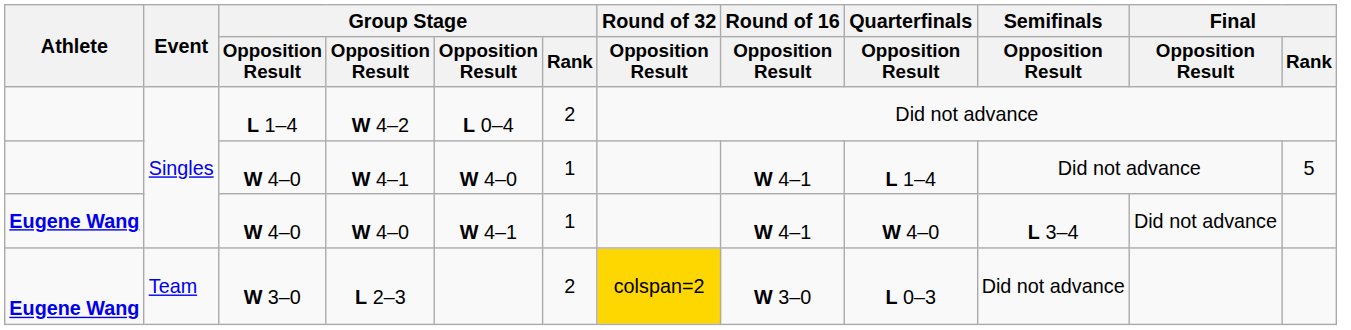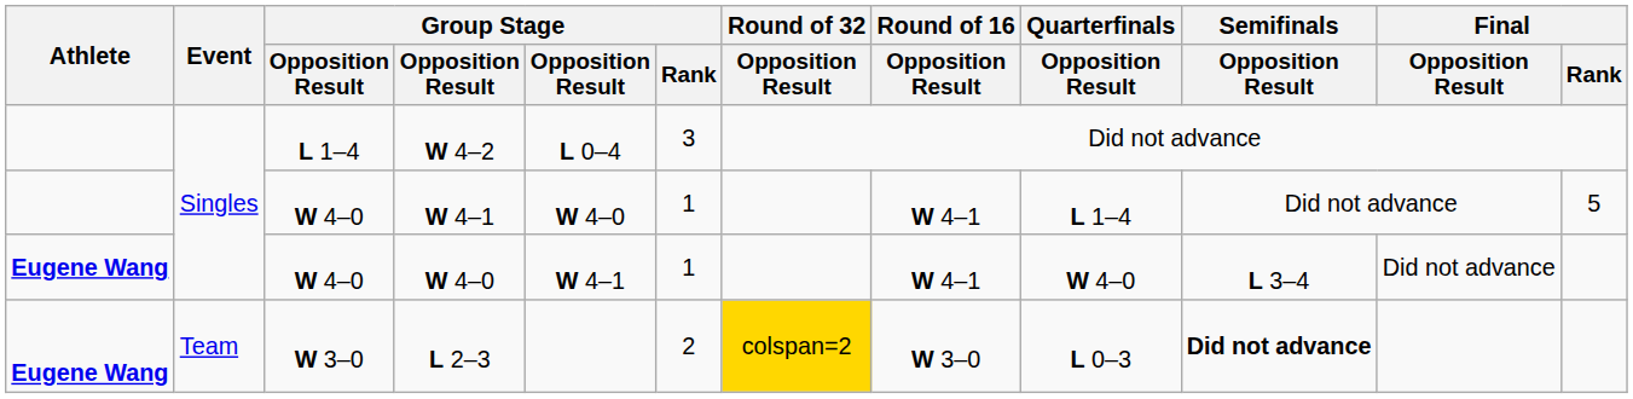 <table class="wikitable" style="font-size:89%">
 <tr>
 <th rowspan=2>Athlete</th>
 <th rowspan=2>Event</th>
 <th colspan=4>Group Stage</th>
 <th>Round of 32</th>
 <th>Round of 16</th>
 <th>Quarterfinals</th>
 <th>Semifinals</th>
 <th colspan=2>Final</th>
 </tr>
 <tr style="font-size:95%">
 <th>Opposition<br>Result</th>
 <th>Opposition<br>Result</th>
 <th>Opposition<br>Result</th>
 <th>Rank</th>
 <th>Opposition<br>Result</th>
 <th>Opposition<br>Result</th>
 <th>Opposition<br>Result</th>
 <th>Opposition<br>Result</th>
 <th>Opposition<br>Result</th>
 <th>Rank</th>
 </tr>
 <tr align=center>
 <td align=left></td>
 <td align=left rowspan=3><a href='#'>Singles</a></td>
 <td><br><strong>L</strong> 1–4</td>
 <td><br><strong>W</strong> 4–2</td>
 <td><br><strong>L</strong> 0–4</td>
-<td>2</td>
+<td>3</td>
 <td colspan=6>Did not advance</td>
 </tr>
 <tr align=center>
 <td align=left></td>
 <td><br><strong>W</strong> 4–0</td>
 <td><br><strong>W</strong> 4–1</td>
 <td><br><strong>W</strong> 4–0</td>
 <td>1</td>
 <td></td>
 <td><br><strong>W</strong> 4–1</td>
 <td><br><strong>L</strong> 1–4</td>
 <td colspan=2>Did not advance</td>
 <td>5</td>
 </tr>
 <tr align=center>
 <td align=left><strong><a href='#'>Eugene Wang</a></strong></td>
 <td><br><strong>W</strong> 4–0</td>
 <td><br><strong>W</strong> 4–0</td>
 <td><br><strong>W</strong> 4–1</td>
 <td>1</td>
 <td></td>
 <td><br><strong>W</strong> 4–1</td>
 <td><br><strong>W</strong> 4–0</td>
 <td><br><strong>L</strong> 3–4</td>
 <td>Did not advance</td>
 <td></td>
 </tr>
 <tr align=center>
 <td align=left><strong><br><br><a href='#'>Eugene Wang</a></strong></td>
 <td align=left><a href='#'>Team</a></td>
 <td><br><strong>W</strong> 3–0</td>
 <td><br><strong>L</strong> 2–3</td>
 <td></td>
 <td>2</td>
 <td style="background: gold;">colspan=2 </td>
 <td><br><strong>W</strong> 3–0</td>
 <td><br><strong>L</strong> 0–3</td>
-<td>Did not advance</td>
+<td><strong>Did not advance</strong></td>
 <td></td>
 </tr>
 </table>
